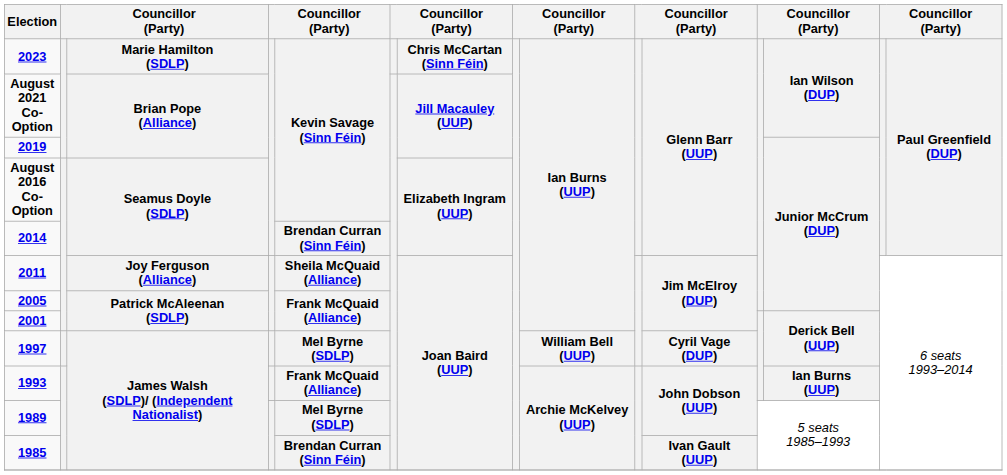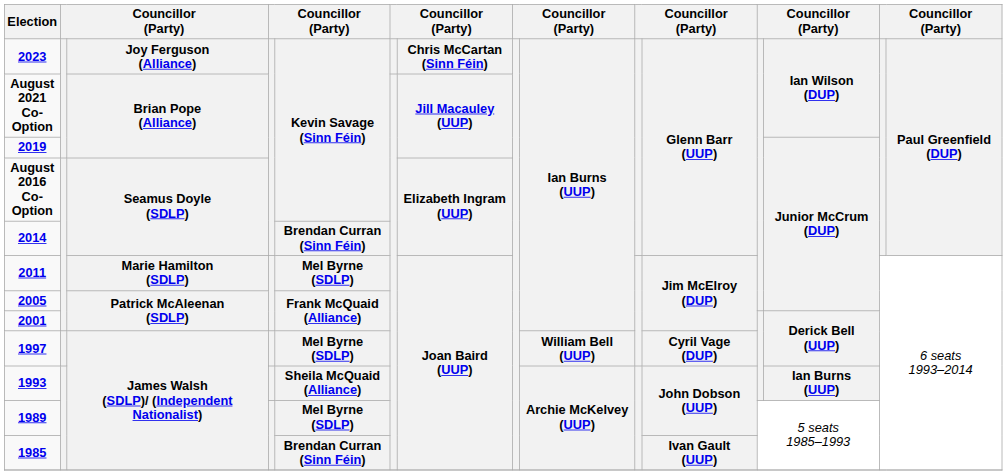 <table class="wikitable" style="text-align:center">
 <tr>
 <th scope="col" width="50">Election</th>
 <th scope="col" width="150" colspan = "2">Councillor<br> (Party)</th>
 <th scope="col" width="150" colspan = "2">Councillor<br> (Party)</th>
 <th scope="col" width="150" colspan = "2">Councillor<br> (Party)</th>
 <th scope="col" width="150" colspan = "2">Councillor<br> (Party)</th>
 <th scope="col" width="150" colspan = "2">Councillor<br> (Party)</th>
 <th scope="col" width="150" colspan = "2">Councillor<br> (Party)</th>
 <th scope="col" width="150" colspan = "2">Councillor<br> (Party)</th>
 </tr>
 <tr>
 <td><strong><a href='#'>2023</a></strong></td>
 <th rowspan="3" width="1" style="background-color: "></th>
-<th rowspan = "1">Marie Hamilton <br> (<a href='#'>SDLP</a>)</th>
+<th rowspan = "1">Joy Ferguson <br> (<a href='#'>Alliance</a>)</th>
 <th rowspan="5" width="1" style="background-color: "></th>
 <th rowspan = "4">Kevin Savage <br> (<a href='#'>Sinn Féin</a>)</th>
 <th rowspan="1" width="1" style="background-color: "></th>
 <th rowspan = "1">Chris McCartan <br> (<a href='#'>Sinn Féin</a>)</th>
 <th rowspan="12" width="1" style="background-color: "></th>
 <th rowspan = "8">Ian Burns <br> (<a href='#'>UUP</a>)</th>
 <th rowspan="5" width="1" style="background-color: "></th>
 <th rowspan = "5">Glenn Barr <br> (<a href='#'>UUP</a>)</th>
 <th rowspan="7" width="1" style="background-color: "></th>
 <th rowspan = "2">Ian Wilson <br> (<a href='#'>DUP</a>)</th>
 <th rowspan="5" width="1" style="background-color: "></th>
 <th rowspan = "5">Paul Greenfield <br> (<a href='#'>DUP</a>)</th>
 </tr>
 <tr>
 <td><strong>August 2021 Co-Option</strong></td>
 <th rowspan = "2">Brian Pope <br> (<a href='#'>Alliance</a>)</th>
 <th rowspan="11" width="1" style="background-color: "></th>
 <th rowspan = "2"><a href='#'>Jill Macauley</a> <br> (<a href='#'>UUP</a>)</th>
 </tr>
 <tr>
 <td><strong><a href='#'>2019</a></strong></td>
 <th rowspan = "5">Junior McCrum <br> (<a href='#'>DUP</a>)</th>
 </tr>
 <tr>
 <td><strong>August 2016 Co-Option</strong></td>
 <th rowspan="5" width="1" style="background-color: "></th>
 <th rowspan = "2">Seamus Doyle <br> (<a href='#'>SDLP</a>)</th>
 <th rowspan = "2">Elizabeth Ingram <br> (<a href='#'>UUP</a>)</th>
 </tr>
 <tr>
 <td><strong><a href='#'>2014</a></strong></td>
 <th rowspan = "1">Brendan Curran <br> (<a href='#'>Sinn Féin</a>)</th>
 </tr>
 <tr>
 <td><strong><a href='#'>2011</a></strong></td>
-<th rowspan = "1">Joy Ferguson <br> (<a href='#'>Alliance</a>)</th>
+<th rowspan = "1">Marie Hamilton <br> (<a href='#'>SDLP</a>)</th>
 <th rowspan="3" width="1" style="background-color: "></th>
-<th rowspan = "1">Sheila McQuaid <br> (<a href='#'>Alliance</a>)</th>
+<th rowspan = "1">Mel Byrne <br> (<a href='#'>SDLP</a>)</th>
 <th rowspan = "7">Joan Baird <br> (<a href='#'>UUP</a>)</th>
 <th rowspan="4" width="1" style="background-color: "></th>
 <th rowspan = "3">Jim McElroy <br> (<a href='#'>DUP</a>)</th>
 <td colspan="2" rowspan="7" style="background-color:#FFFFFF"><em>6 seats<br>1993–2014</em></td>
 </tr>
 <tr>
 <td><strong><a href='#'>2005</a></strong></td>
 <th rowspan = "2">Patrick McAleenan <br> (<a href='#'>SDLP</a>)</th>
 <th rowspan = "2">Frank McQuaid <br> (<a href='#'>Alliance</a>)</th>
 </tr>
 <tr>
 <td><strong><a href='#'>2001</a></strong></td>
 <th rowspan="3" width="1" style="background-color: "></th>
 <th rowspan = "2">Derick Bell <br> (<a href='#'>UUP</a>)</th>
 </tr>
 <tr>
 <td><strong><a href='#'>1997</a></strong></td>
 <th rowspan="1" width="1" style="background-color: "></th>
 <th rowspan = "4">James Walsh <br> (<a href='#'>SDLP</a>)/ (<a href='#'>Independent Nationalist</a>)</th>
 <th rowspan="1" width="1" style="background-color: "></th>
 <th rowspan = "1">Mel Byrne <br> (<a href='#'>SDLP</a>)</th>
 <th rowspan = "1">William Bell <br> (<a href='#'>UUP</a>)</th>
 <th rowspan = "1">Cyril Vage <br> (<a href='#'>DUP</a>)</th>
 </tr>
 <tr>
 <td><strong><a href='#'>1993</a></strong></td>
 <th rowspan="3" width="1" style="background-color: "></th>
 <th rowspan="1" width="1" style="background-color: "></th>
-<th rowspan = "1">Frank McQuaid <br> (<a href='#'>Alliance</a>)</th>
+<th rowspan = "1">Sheila McQuaid <br> (<a href='#'>Alliance</a>)</th>
 <th rowspan = "3">Archie McKelvey <br> (<a href='#'>UUP</a>)</th>
 <th rowspan="3" width="1" style="background-color: "></th>
 <th rowspan = "2">John Dobson <br> (<a href='#'>UUP</a>)</th>
 <th rowspan = "1">Ian Burns <br> (<a href='#'>UUP</a>)</th>
 </tr>
 <tr>
 <td><strong><a href='#'>1989</a></strong></td>
 <th rowspan="2" width="1" style="background-color: "></th>
 <th rowspan = "1">Mel Byrne <br> (<a href='#'>SDLP</a>)</th>
 <td colspan="2" rowspan="2" style="background-color:#FFFFFF"><em>5 seats<br>1985–1993</em></td>
 </tr>
 <tr>
 <td><strong><a href='#'>1985</a></strong></td>
 <th rowspan = "1">Brendan Curran <br> (<a href='#'>Sinn Féin</a>)</th>
 <th rowspan = "1">Ivan Gault <br> (<a href='#'>UUP</a>)</th>
 </tr>
 <tr>
 </tr>
 </table>
